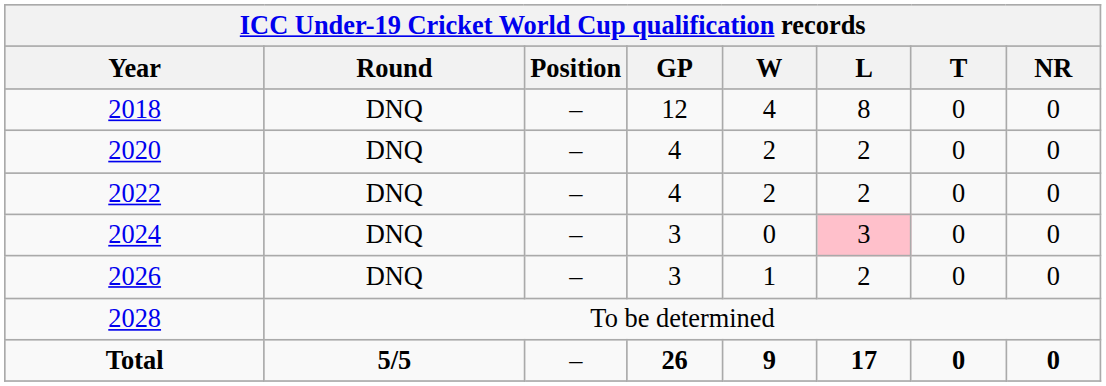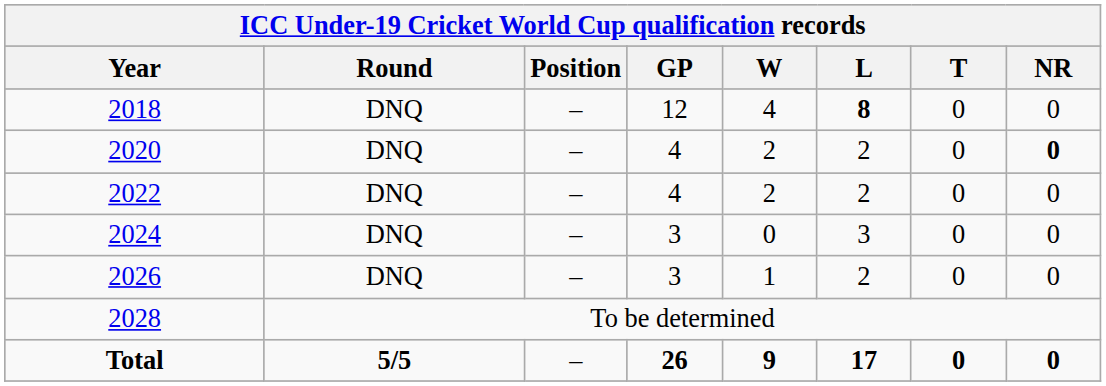 <table class="wikitable" style="text-align: center; width=900px;">
 <tr>
 <th colspan=9><a href='#'>ICC Under-19 Cricket World Cup qualification</a> records</th>
 </tr>
 <tr>
 <th width=150>Year</th>
 <th width=150>Round</th>
 <th width=50>Position</th>
 <th width=50>GP</th>
 <th width=50>W</th>
 <th width=50>L</th>
 <th width=50>T</th>
 <th width=50>NR</th>
 </tr>
 <tr>
 <td> <a href='#'>2018</a></td>
 <td>DNQ</td>
 <td>–</td>
 <td>12</td>
 <td>4</td>
-<td>8</td>
+<td><strong>8</strong></td>
 <td>0</td>
 <td>0</td>
 </tr>
 <tr>
 <td> <a href='#'>2020</a></td>
 <td>DNQ</td>
 <td>–</td>
 <td>4</td>
 <td>2</td>
 <td>2</td>
 <td>0</td>
-<td>0</td>
+<td><strong>0</strong></td>
 </tr>
 <tr>
 <td> <a href='#'>2022</a></td>
 <td>DNQ</td>
 <td>–</td>
 <td>4</td>
 <td>2</td>
 <td>2</td>
 <td>0</td>
 <td>0</td>
 </tr>
 <tr>
 <td> <a href='#'>2024</a></td>
 <td>DNQ</td>
 <td>–</td>
 <td>3</td>
 <td>0</td>
-<td style="background: pink;">3</td>
+<td>3</td>
 <td>0</td>
 <td>0</td>
 </tr>
 <tr>
 <td> <a href='#'>2026</a></td>
 <td>DNQ</td>
 <td>–</td>
 <td>3</td>
 <td>1</td>
 <td>2</td>
 <td>0</td>
 <td>0</td>
 </tr>
 <tr>
 <td> <a href='#'>2028</a></td>
 <td rowspan=1 colspan=8>To be determined</td>
 </tr>
 <tr>
 <td><strong>Total</strong></td>
 <td><strong>5/5</strong></td>
 <td>–</td>
 <td><strong>26</strong></td>
 <td><strong>9</strong></td>
 <td><strong>17</strong></td>
 <td><strong>0</strong></td>
 <td><strong>0</strong></td>
 </tr>
 </table>
